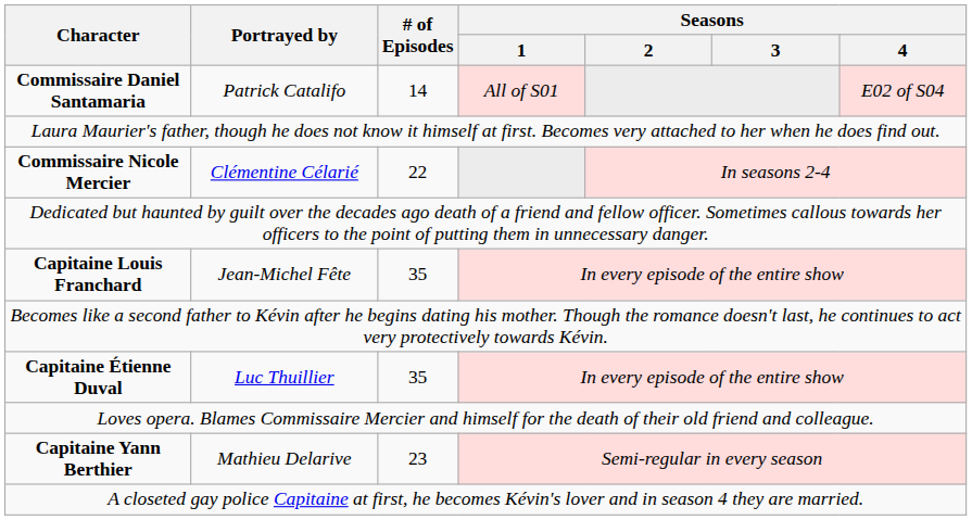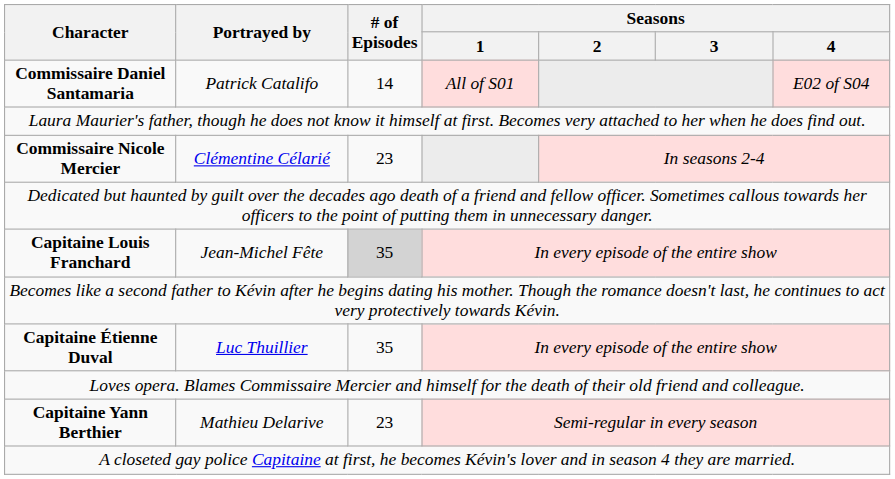 <table class="wikitable">
 <tr>
 <th rowspan="2" style="width:150px;">Character</th>
 <th style="width:150px;" rowspan="2">Portrayed by</th>
 <th style="width:50px;" rowspan="2"># of Episodes</th>
 <th colspan="4">Seasons</th>
 </tr>
 <tr>
 <th style="width:100px;">1</th>
 <th style="width:100px;">2</th>
 <th style="width:100px;">3</th>
 <th style="width:100px;">4</th>
 </tr>
 <tr>
 <td style=" text-align:center;"><strong>Commissaire Daniel Santamaria</strong></td>
 <td style=" text-align:center;"><em>Patrick Catalifo</em></td>
 <td style=" text-align:center;">14</td>
 <td colspan="1" style="background:#fdd; text-align:center;"><em>All of S01</em></td>
 <td colspan="2" style="background: #ececec; color: grey; vertical-align: middle; align: center;"></td>
 <td colspan="1" style="background:#fdd; text-align:center;" class="table-na"><em>E02 of S04</em></td>
 </tr>
 <tr>
 <td colspan="7" style="text-align:center;"><em>Laura Maurier's father, though he does not know it himself at first. Becomes very attached to her when he does find out.</em></td>
 </tr>
 <tr>
 <td style=" text-align:center;"><strong>Commissaire Nicole Mercier</strong></td>
 <td style=" text-align:center;"><em><a href='#'>Clémentine Célarié</a></em></td>
-<td style=" text-align:center;">22</td>
+<td style=" text-align:center;">23</td>
 <td colspan="1" style="background: #ececec; color: grey; text-align:center;"></td>
 <td colspan="3" style="background:#fdd; text-align:center;" class="table-na"><em>In seasons 2-4</em></td>
 </tr>
 <tr>
 <td colspan="7" style="text-align:center;"><em>Dedicated but haunted by guilt over the decades ago death of a friend and fellow officer. Sometimes callous towards her officers to the point of putting them in unnecessary danger.</em></td>
 </tr>
 <tr>
 <td style=" text-align:center;"><strong>Capitaine Louis Franchard</strong></td>
 <td style=" text-align:center;"><em>Jean-Michel Fête</em></td>
-<td style=" text-align:center;">35</td>
+<td style="background: lightgrey;  text-align:center;">35</td>
 <td colspan="4" style="background:#fdd; text-align:center;"><em>In every episode of the entire show</em></td>
 </tr>
 <tr>
 <td colspan="7" style="text-align:center;"><em>Becomes like a second father to Kévin after he begins dating his mother. Though the romance doesn't last, he continues to act very protectively towards Kévin.</em></td>
 </tr>
 <tr>
 <td style=" text-align:center;"><strong>Capitaine Étienne Duval</strong></td>
 <td style=" text-align:center;"><em><a href='#'>Luc Thuillier</a></em></td>
 <td style=" text-align:center;">35</td>
 <td colspan="4" style="background:#fdd; text-align:center;"><em>In every episode of the entire show</em></td>
 </tr>
 <tr>
 <td colspan="7" style="text-align:center;"><em>Loves opera. Blames Commissaire Mercier and himself for the death of their old friend and colleague.</em></td>
 </tr>
 <tr>
 <td style=" text-align:center;"><strong>Capitaine Yann Berthier</strong></td>
 <td style=" text-align:center;"><em>Mathieu Delarive</em></td>
 <td style=" text-align:center;">23</td>
 <td colspan="4" style="background:#fdd; text-align:center;"><em>Semi-regular in every season</em></td>
 </tr>
 <tr>
 <td colspan="7" style="text-align:center;"><em>A closeted gay police <a href='#'>Capitaine</a> at first, he becomes Kévin's lover and in season 4 they are married.</em></td>
 </tr>
 </table>
